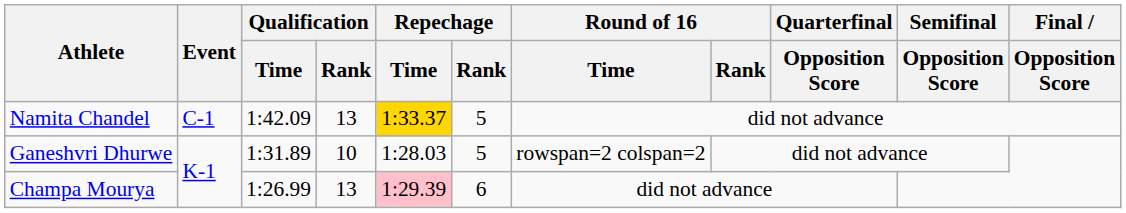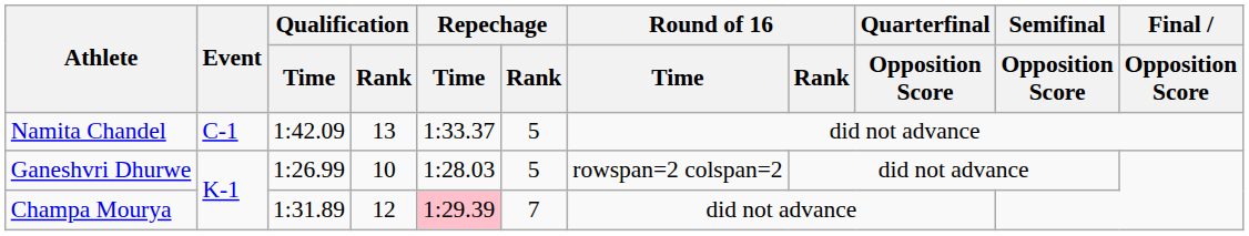 <table class="wikitable" style="text-align:center; font-size:90%">
 <tr>
 <th rowspan=2>Athlete</th>
 <th rowspan=2>Event</th>
 <th colspan=2>Qualification</th>
 <th colspan=2>Repechage</th>
 <th colspan=2>Round of 16</th>
 <th>Quarterfinal</th>
 <th>Semifinal</th>
 <th>Final / </th>
 </tr>
 <tr>
 <th>Time</th>
 <th>Rank</th>
 <th>Time</th>
 <th>Rank</th>
 <th>Time</th>
 <th>Rank</th>
 <th>Opposition<br>Score</th>
 <th>Opposition<br>Score</th>
 <th>Opposition<br>Score</th>
 </tr>
 <tr>
 <td align=left><a href='#'>Namita Chandel</a></td>
 <td align=left><a href='#'>C-1</a></td>
 <td>1:42.09</td>
 <td>13</td>
-<td style="background: gold;">1:33.37</td>
+<td>1:33.37</td>
 <td>5</td>
 <td colspan=5>did not advance</td>
 </tr>
 <tr>
 <td align=left><a href='#'>Ganeshvri Dhurwe</a></td>
 <td align=left rowspan=2><a href='#'>K-1</a></td>
-<td>1:31.89</td>
+<td>1:26.99</td>
 <td>10</td>
 <td>1:28.03</td>
 <td>5</td>
 <td>rowspan=2 colspan=2 </td>
 <td colspan=3>did not advance</td>
 </tr>
 <tr>
 <td align=left><a href='#'>Champa Mourya</a></td>
-<td>1:26.99</td>
-<td>13</td>
+<td>1:31.89</td>
+<td>12</td>
 <td style="background: pink;">1:29.39</td>
-<td>6</td>
+<td>7</td>
 <td colspan=3>did not advance</td>
 </tr>
 </table>
